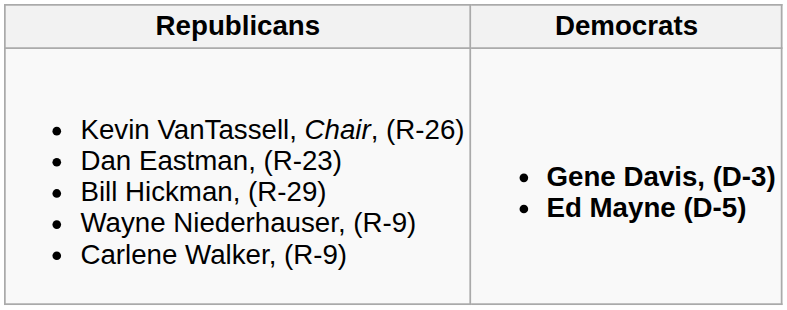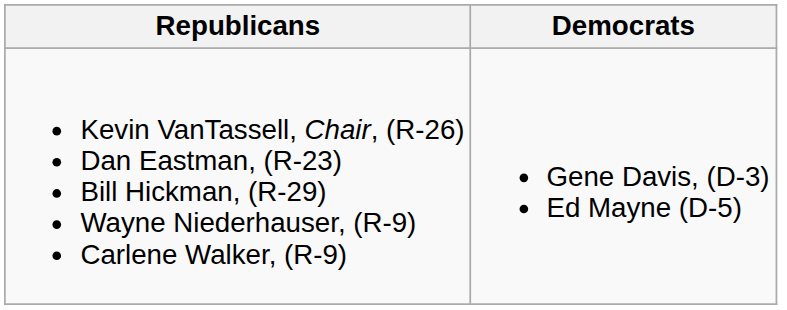 <table class=wikitable>
 <tr>
 <th>Republicans</th>
 <th>Democrats</th>
 </tr>
 <tr>
 <td><br><ul><li>Kevin VanTassell, <em>Chair</em>, (R-26)</li><li>Dan Eastman, (R-23)</li><li>Bill Hickman, (R-29)</li><li>Wayne Niederhauser, (R-9)</li><li>Carlene Walker, (R-9)</li></ul></td>
-<td><strong><br><ul><li>Gene Davis, (D-3)</li><li>Ed Mayne (D-5)</li></ul></strong></td>
+<td><br><ul><li>Gene Davis, (D-3)</li><li>Ed Mayne (D-5)</li></ul></td>
 </tr>
 </table>
